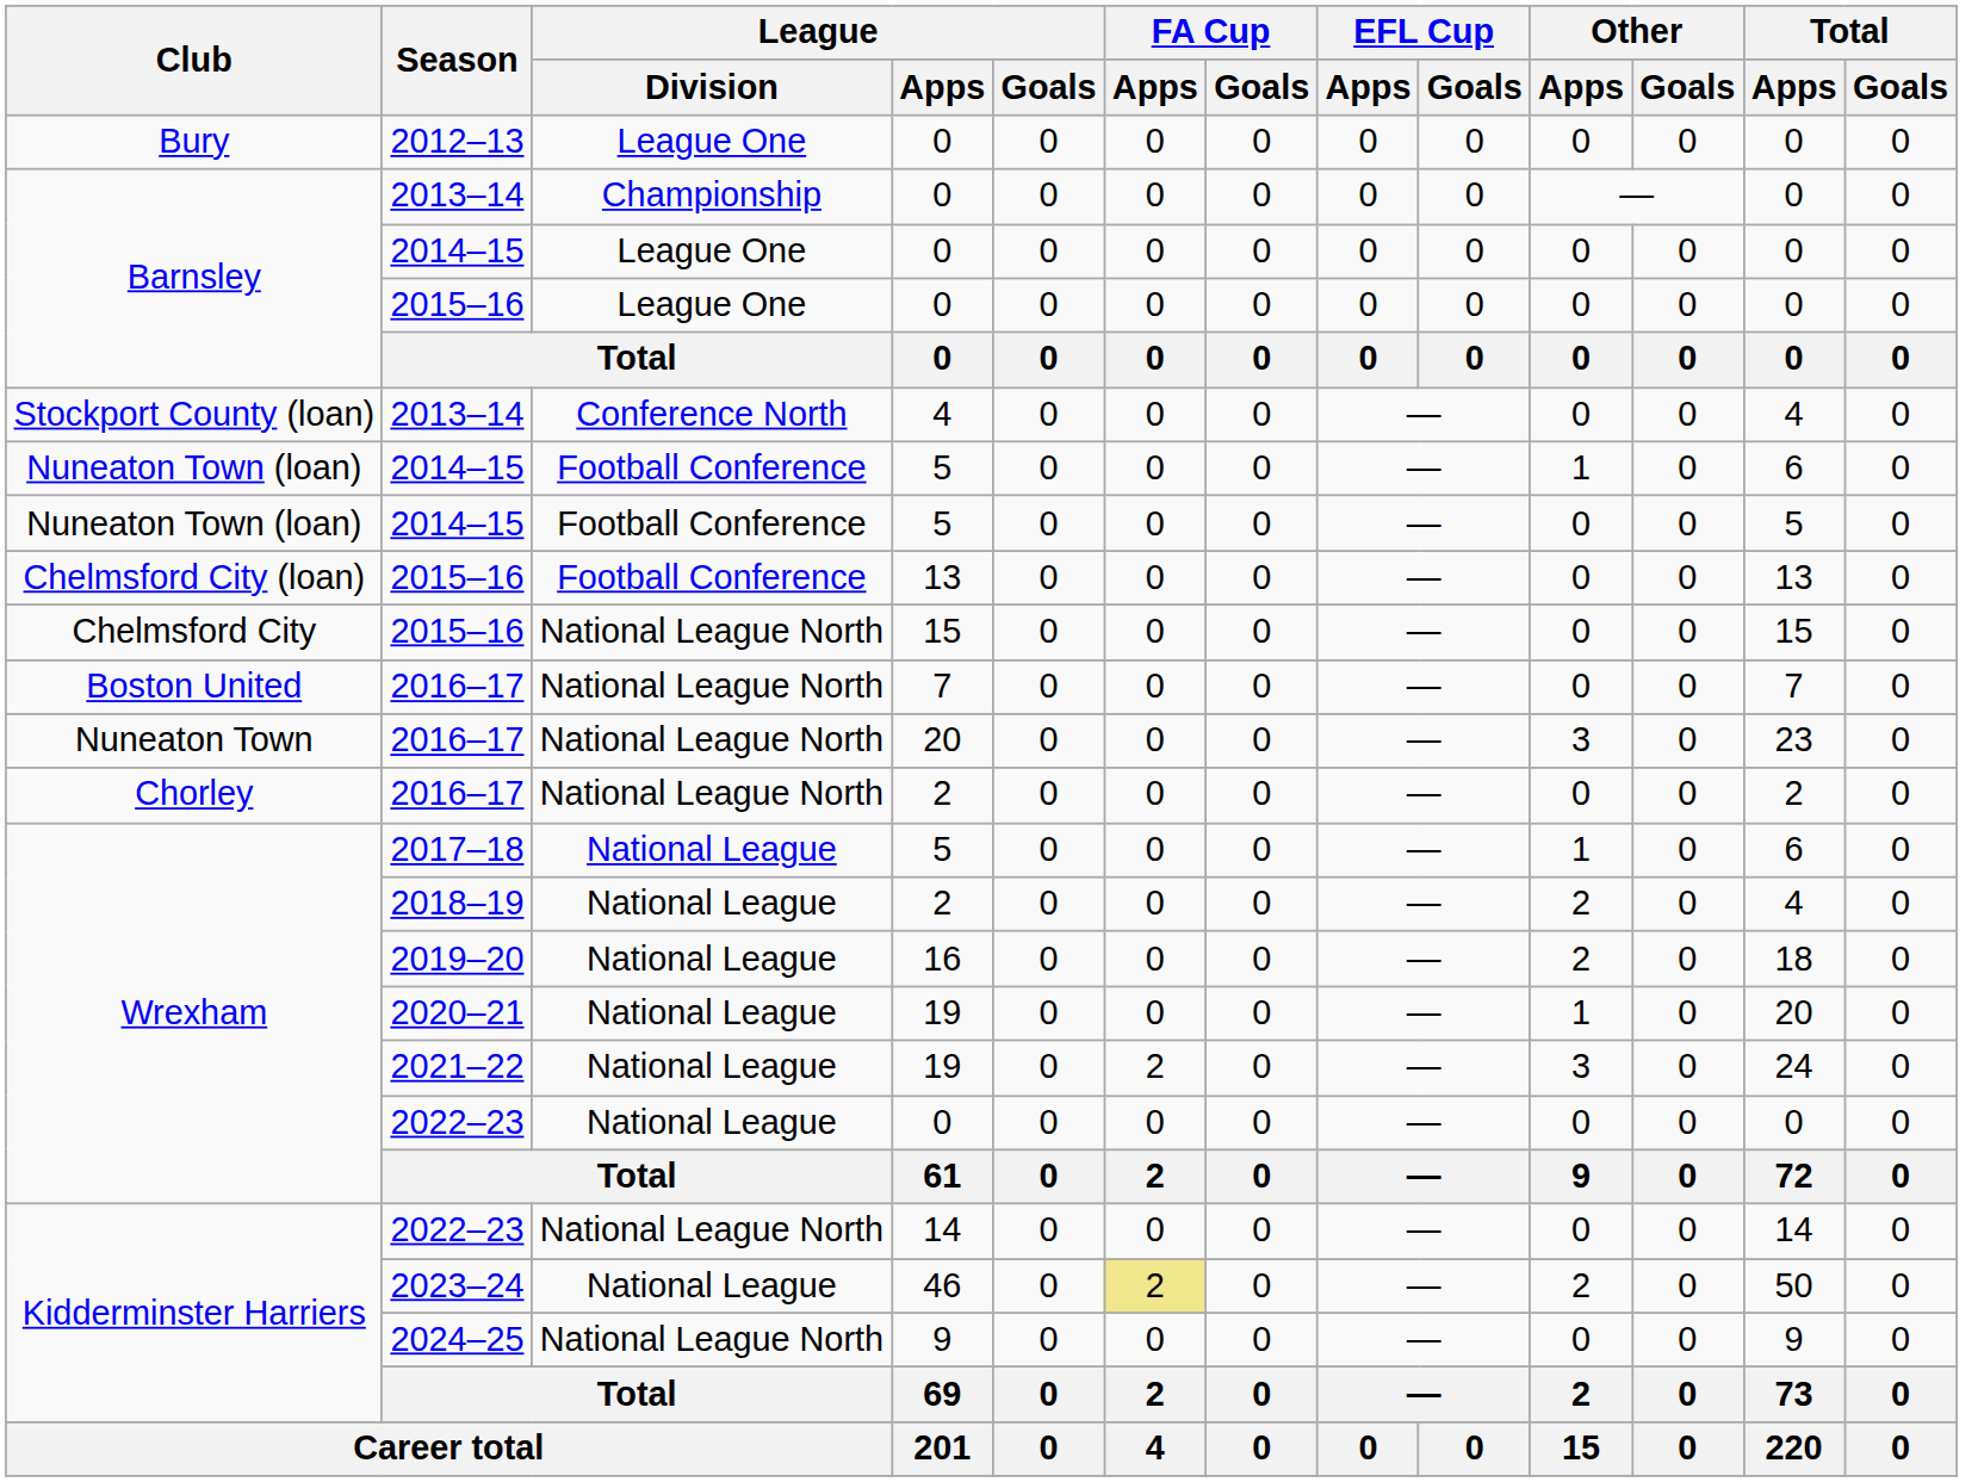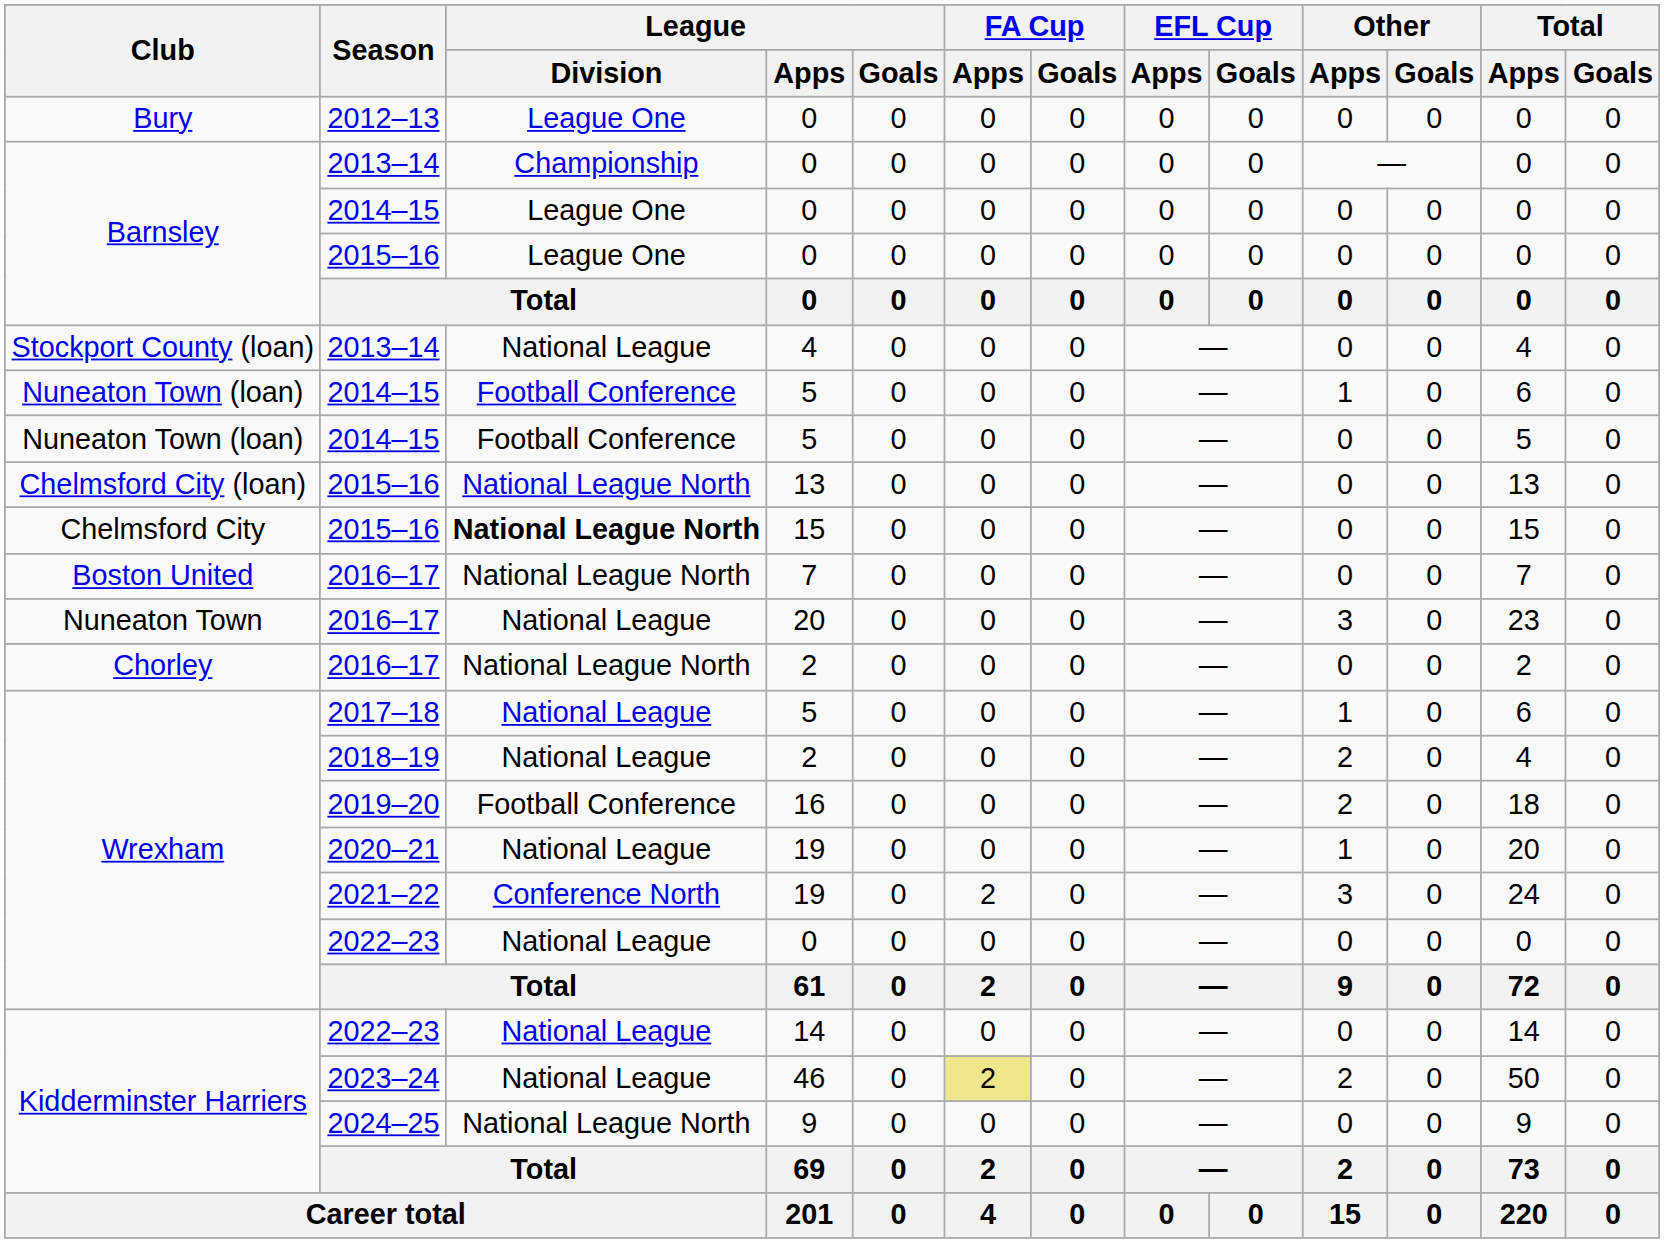 <table class="wikitable" style="text-align: center;">
 <tr>
 <th rowspan="2">Club</th>
 <th rowspan="2">Season</th>
 <th colspan="3">League</th>
 <th colspan="2"><a href='#'>FA Cup</a></th>
 <th colspan="2"><a href='#'>EFL Cup</a></th>
 <th colspan="2">Other</th>
 <th colspan="2">Total</th>
 </tr>
 <tr>
 <th>Division</th>
 <th>Apps</th>
 <th>Goals</th>
 <th>Apps</th>
 <th>Goals</th>
 <th>Apps</th>
 <th>Goals</th>
 <th>Apps</th>
 <th>Goals</th>
 <th>Apps</th>
 <th>Goals</th>
 </tr>
 <tr>
 <td><a href='#'>Bury</a></td>
 <td><a href='#'>2012–13</a></td>
 <td><a href='#'>League One</a></td>
 <td>0</td>
 <td>0</td>
 <td>0</td>
 <td>0</td>
 <td>0</td>
 <td>0</td>
 <td>0</td>
 <td>0</td>
 <td>0</td>
 <td>0</td>
 </tr>
 <tr>
 <td rowspan="4"><a href='#'>Barnsley</a></td>
 <td><a href='#'>2013–14</a></td>
 <td><a href='#'>Championship</a></td>
 <td>0</td>
 <td>0</td>
 <td>0</td>
 <td>0</td>
 <td>0</td>
 <td>0</td>
 <td colspan="2">—</td>
 <td>0</td>
 <td>0</td>
 </tr>
 <tr>
 <td><a href='#'>2014–15</a></td>
 <td>League One</td>
 <td>0</td>
 <td>0</td>
 <td>0</td>
 <td>0</td>
 <td>0</td>
 <td>0</td>
 <td>0</td>
 <td>0</td>
 <td>0</td>
 <td>0</td>
 </tr>
 <tr>
 <td><a href='#'>2015–16</a></td>
 <td>League One</td>
 <td>0</td>
 <td>0</td>
 <td>0</td>
 <td>0</td>
 <td>0</td>
 <td>0</td>
 <td>0</td>
 <td>0</td>
 <td>0</td>
 <td>0</td>
 </tr>
 <tr>
 <th colspan="2">Total</th>
 <th>0</th>
 <th>0</th>
 <th>0</th>
 <th>0</th>
 <th>0</th>
 <th>0</th>
 <th>0</th>
 <th>0</th>
 <th>0</th>
 <th>0</th>
 </tr>
 <tr>
 <td><a href='#'>Stockport County</a> (loan)</td>
 <td><a href='#'>2013–14</a></td>
-<td><a href='#'>Conference North</a></td>
+<td>National League</td>
 <td>4</td>
 <td>0</td>
 <td>0</td>
 <td>0</td>
 <td colspan="2">—</td>
 <td>0</td>
 <td>0</td>
 <td>4</td>
 <td>0</td>
 </tr>
 <tr>
 <td><a href='#'>Nuneaton Town</a> (loan)</td>
 <td><a href='#'>2014–15</a></td>
 <td><a href='#'>Football Conference</a></td>
 <td>5</td>
 <td>0</td>
 <td>0</td>
 <td>0</td>
 <td colspan="2">—</td>
 <td>1</td>
 <td>0</td>
 <td>6</td>
 <td>0</td>
 </tr>
 <tr>
 <td>Nuneaton Town (loan)</td>
 <td><a href='#'>2014–15</a></td>
 <td>Football Conference</td>
 <td>5</td>
 <td>0</td>
 <td>0</td>
 <td>0</td>
 <td colspan="2">—</td>
 <td>0</td>
 <td>0</td>
 <td>5</td>
 <td>0</td>
 </tr>
 <tr>
 <td><a href='#'>Chelmsford City</a> (loan)</td>
 <td><a href='#'>2015–16</a></td>
-<td><a href='#'>Football Conference</a></td>
+<td><a href='#'>National League North</a></td>
 <td>13</td>
 <td>0</td>
 <td>0</td>
 <td>0</td>
 <td colspan="2">—</td>
 <td>0</td>
 <td>0</td>
 <td>13</td>
 <td>0</td>
 </tr>
 <tr>
 <td>Chelmsford City</td>
 <td><a href='#'>2015–16</a></td>
-<td>National League North</td>
+<td><strong>National League North</strong></td>
 <td>15</td>
 <td>0</td>
 <td>0</td>
 <td>0</td>
 <td colspan="2">—</td>
 <td>0</td>
 <td>0</td>
 <td>15</td>
 <td>0</td>
 </tr>
 <tr>
 <td><a href='#'>Boston United</a></td>
 <td><a href='#'>2016–17</a></td>
 <td>National League North</td>
 <td>7</td>
 <td>0</td>
 <td>0</td>
 <td>0</td>
 <td colspan="2">—</td>
 <td>0</td>
 <td>0</td>
 <td>7</td>
 <td>0</td>
 </tr>
 <tr>
 <td>Nuneaton Town</td>
 <td><a href='#'>2016–17</a></td>
-<td>National League North</td>
+<td>National League</td>
 <td>20</td>
 <td>0</td>
 <td>0</td>
 <td>0</td>
 <td colspan="2">—</td>
 <td>3</td>
 <td>0</td>
 <td>23</td>
 <td>0</td>
 </tr>
 <tr>
 <td><a href='#'>Chorley</a></td>
 <td><a href='#'>2016–17</a></td>
 <td>National League North</td>
 <td>2</td>
 <td>0</td>
 <td>0</td>
 <td>0</td>
 <td colspan="2">—</td>
 <td>0</td>
 <td>0</td>
 <td>2</td>
 <td>0</td>
 </tr>
 <tr>
 <td rowspan="7"><a href='#'>Wrexham</a></td>
 <td><a href='#'>2017–18</a></td>
 <td><a href='#'>National League</a></td>
 <td>5</td>
 <td>0</td>
 <td>0</td>
 <td>0</td>
 <td colspan="2">—</td>
 <td>1</td>
 <td>0</td>
 <td>6</td>
 <td>0</td>
 </tr>
 <tr>
 <td><a href='#'>2018–19</a></td>
 <td>National League</td>
 <td>2</td>
 <td>0</td>
 <td>0</td>
 <td>0</td>
 <td colspan="2">—</td>
 <td>2</td>
 <td>0</td>
 <td>4</td>
 <td>0</td>
 </tr>
 <tr>
 <td><a href='#'>2019–20</a></td>
-<td>National League</td>
+<td>Football Conference</td>
 <td>16</td>
 <td>0</td>
 <td>0</td>
 <td>0</td>
 <td colspan="2">—</td>
 <td>2</td>
 <td>0</td>
 <td>18</td>
 <td>0</td>
 </tr>
 <tr>
 <td><a href='#'>2020–21</a></td>
 <td>National League</td>
 <td>19</td>
 <td>0</td>
 <td>0</td>
 <td>0</td>
 <td colspan="2">—</td>
 <td>1</td>
 <td>0</td>
 <td>20</td>
 <td>0</td>
 </tr>
 <tr>
 <td><a href='#'>2021–22</a></td>
-<td>National League</td>
+<td><a href='#'>Conference North</a></td>
 <td>19</td>
 <td>0</td>
 <td>2</td>
 <td>0</td>
 <td colspan="2">—</td>
 <td>3</td>
 <td>0</td>
 <td>24</td>
 <td>0</td>
 </tr>
 <tr>
 <td><a href='#'>2022–23</a></td>
 <td>National League</td>
 <td>0</td>
 <td>0</td>
 <td>0</td>
 <td>0</td>
 <td colspan="2">—</td>
 <td>0</td>
 <td>0</td>
 <td>0</td>
 <td>0</td>
 </tr>
 <tr>
 <th colspan="2">Total</th>
 <th>61</th>
 <th>0</th>
 <th>2</th>
 <th>0</th>
 <th colspan="2">—</th>
 <th>9</th>
 <th>0</th>
 <th>72</th>
 <th>0</th>
 </tr>
 <tr>
 <td rowspan="4"><a href='#'>Kidderminster Harriers</a></td>
 <td><a href='#'>2022–23</a></td>
-<td>National League North</td>
+<td><a href='#'>National League</a></td>
 <td>14</td>
 <td>0</td>
 <td>0</td>
 <td>0</td>
 <td colspan="2">—</td>
 <td>0</td>
 <td>0</td>
 <td>14</td>
 <td>0</td>
 </tr>
 <tr>
 <td><a href='#'>2023–24</a></td>
 <td>National League</td>
 <td>46</td>
 <td>0</td>
 <td style="background: khaki;">2</td>
 <td>0</td>
 <td colspan="2">—</td>
 <td>2</td>
 <td>0</td>
 <td>50</td>
 <td>0</td>
 </tr>
 <tr>
 <td><a href='#'>2024–25</a></td>
 <td>National League North</td>
 <td>9</td>
 <td>0</td>
 <td>0</td>
 <td>0</td>
 <td colspan="2">—</td>
 <td>0</td>
 <td>0</td>
 <td>9</td>
 <td>0</td>
 </tr>
 <tr>
 <th colspan="2">Total</th>
 <th>69</th>
 <th>0</th>
 <th>2</th>
 <th>0</th>
 <th colspan="2">—</th>
 <th>2</th>
 <th>0</th>
 <th>73</th>
 <th>0</th>
 </tr>
 <tr>
 <th colspan="3">Career total</th>
 <th>201</th>
 <th>0</th>
 <th>4</th>
 <th>0</th>
 <th>0</th>
 <th>0</th>
 <th>15</th>
 <th>0</th>
 <th>220</th>
 <th>0</th>
 </tr>
 </table>
